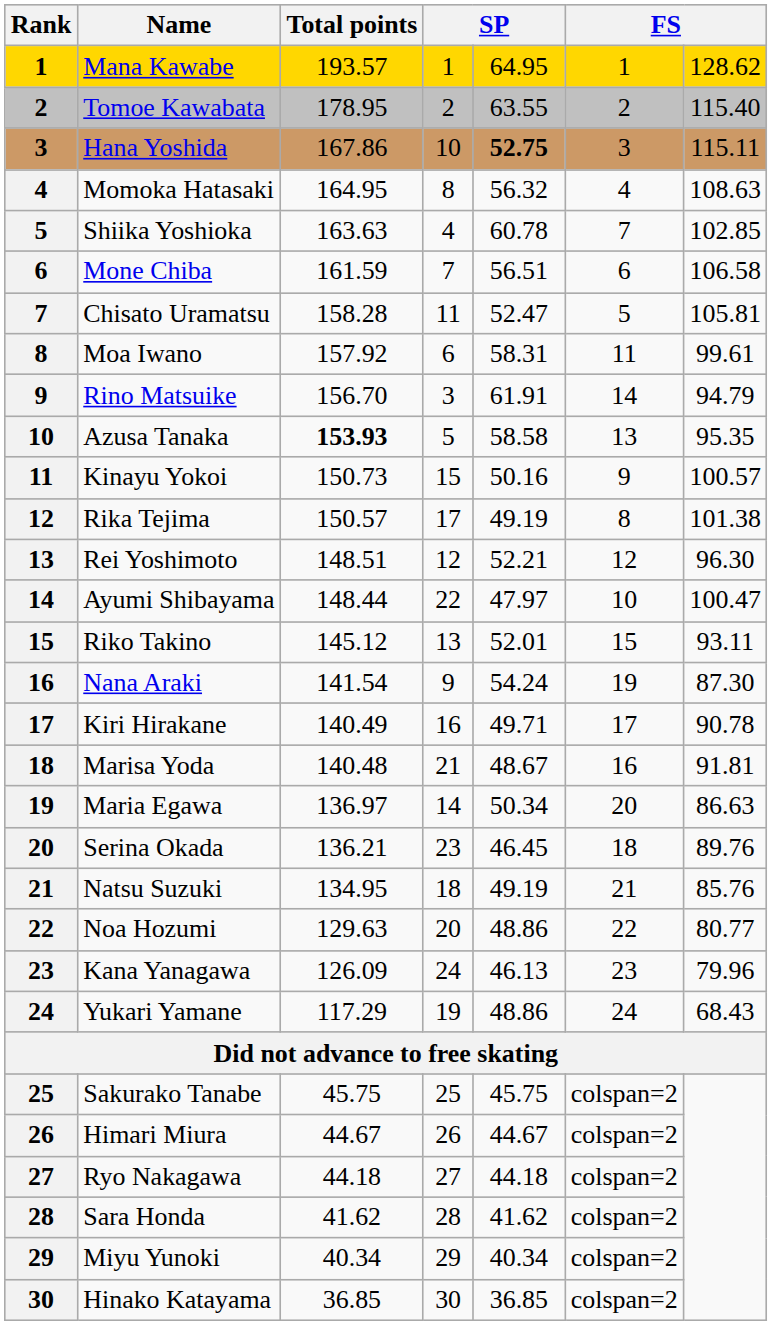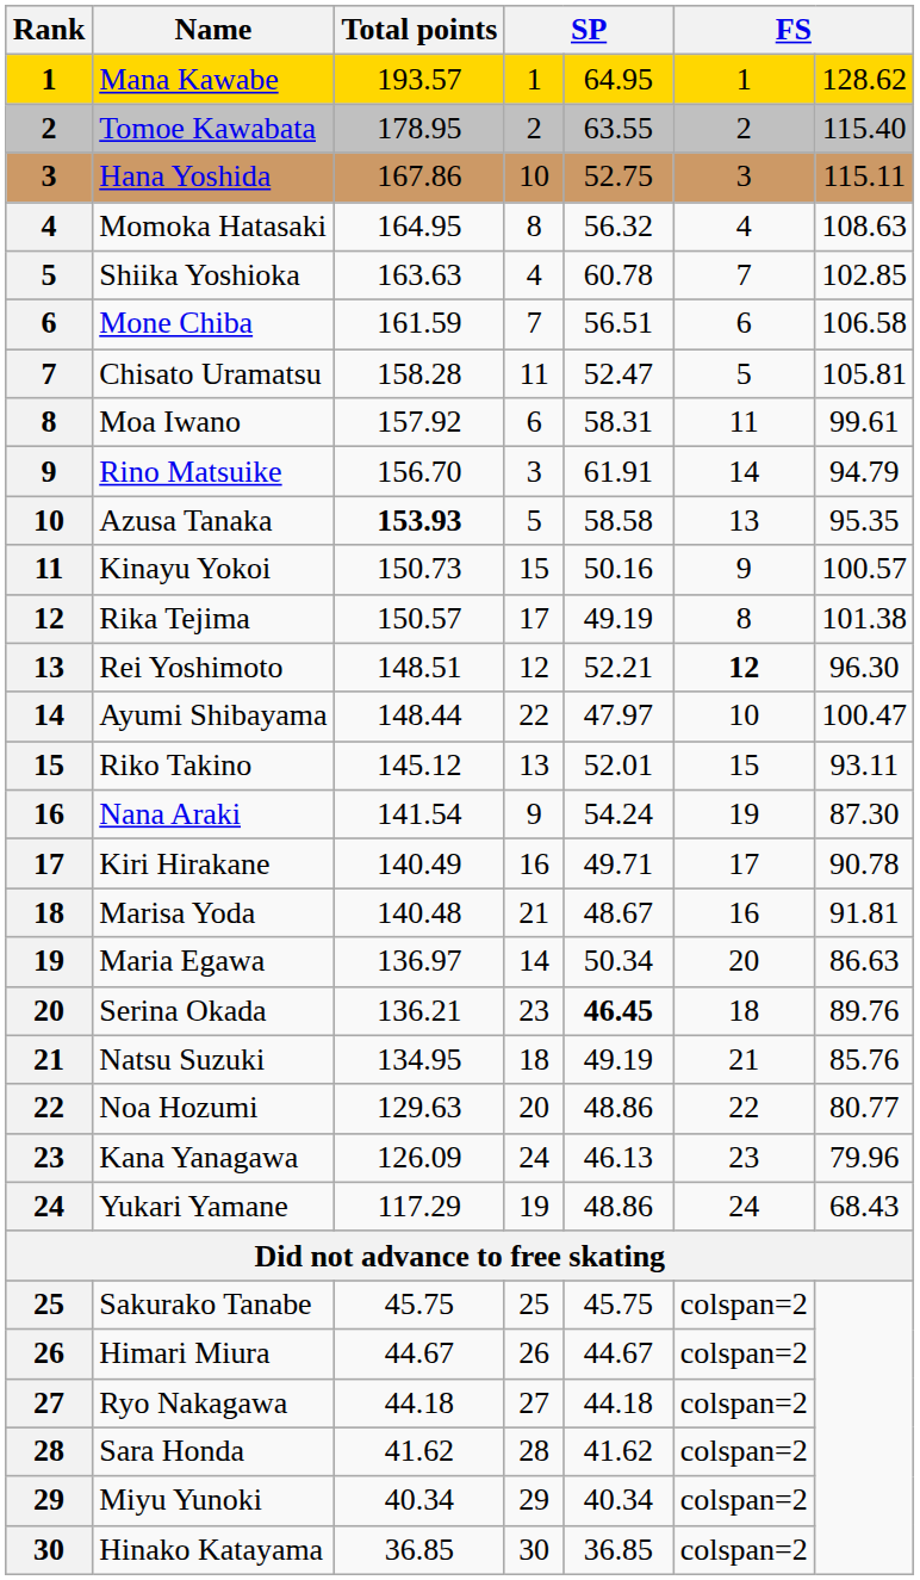 <table class="wikitable sortable">
 <tr>
 <th>Rank</th>
 <th>Name</th>
 <th>Total points</th>
 <th colspan="2" width="80px"><a href='#'>SP</a></th>
 <th colspan="2" width="80px"><a href='#'>FS</a></th>
 </tr>
 <tr bgcolor="gold">
 <td align="center"><strong>1</strong></td>
 <td><a href='#'>Mana Kawabe</a></td>
 <td align="center">193.57</td>
 <td align="center">1</td>
 <td align="center">64.95</td>
 <td align="center">1</td>
 <td align="center">128.62</td>
 </tr>
 <tr bgcolor="silver">
 <td align="center"><strong>2</strong></td>
 <td><a href='#'>Tomoe Kawabata</a></td>
 <td align="center">178.95</td>
 <td align="center">2</td>
 <td align="center">63.55</td>
 <td align="center">2</td>
 <td align="center">115.40</td>
 </tr>
 <tr bgcolor="cc9966">
 <td align="center"><strong>3</strong></td>
 <td><a href='#'>Hana Yoshida</a></td>
 <td align="center">167.86</td>
 <td align="center">10</td>
-<td align="center"><strong>52.75</strong></td>
+<td align="center">52.75</td>
 <td align="center">3</td>
 <td align="center">115.11</td>
 </tr>
 <tr>
 <th>4</th>
 <td>Momoka Hatasaki</td>
 <td align="center">164.95</td>
 <td align="center">8</td>
 <td align="center">56.32</td>
 <td align="center">4</td>
 <td align="center">108.63</td>
 </tr>
 <tr>
 <th>5</th>
 <td>Shiika Yoshioka</td>
 <td align="center">163.63</td>
 <td align="center">4</td>
 <td align="center">60.78</td>
 <td align="center">7</td>
 <td align="center">102.85</td>
 </tr>
 <tr>
 <th>6</th>
 <td><a href='#'>Mone Chiba</a></td>
 <td align="center">161.59</td>
 <td align="center">7</td>
 <td align="center">56.51</td>
 <td align="center">6</td>
 <td align="center">106.58</td>
 </tr>
 <tr>
 <th>7</th>
 <td>Chisato Uramatsu</td>
 <td align="center">158.28</td>
 <td align="center">11</td>
 <td align="center">52.47</td>
 <td align="center">5</td>
 <td align="center">105.81</td>
 </tr>
 <tr>
 <th>8</th>
 <td>Moa Iwano</td>
 <td align="center">157.92</td>
 <td align="center">6</td>
 <td align="center">58.31</td>
 <td align="center">11</td>
 <td align="center">99.61</td>
 </tr>
 <tr>
 <th>9</th>
 <td><a href='#'>Rino Matsuike</a></td>
 <td align="center">156.70</td>
 <td align="center">3</td>
 <td align="center">61.91</td>
 <td align="center">14</td>
 <td align="center">94.79</td>
 </tr>
 <tr>
 <th>10</th>
 <td>Azusa Tanaka</td>
 <td align="center"><strong>153.93</strong></td>
 <td align="center">5</td>
 <td align="center">58.58</td>
 <td align="center">13</td>
 <td align="center">95.35</td>
 </tr>
 <tr>
 <th>11</th>
 <td>Kinayu Yokoi</td>
 <td align="center">150.73</td>
 <td align="center">15</td>
 <td align="center">50.16</td>
 <td align="center">9</td>
 <td align="center">100.57</td>
 </tr>
 <tr>
 <th>12</th>
 <td>Rika Tejima</td>
 <td align="center">150.57</td>
 <td align="center">17</td>
 <td align="center">49.19</td>
 <td align="center">8</td>
 <td align="center">101.38</td>
 </tr>
 <tr>
 <th>13</th>
 <td>Rei Yoshimoto</td>
 <td align="center">148.51</td>
 <td align="center">12</td>
 <td align="center">52.21</td>
-<td align="center">12</td>
+<td align="center"><strong>12</strong></td>
 <td align="center">96.30</td>
 </tr>
 <tr>
 <th>14</th>
 <td>Ayumi Shibayama</td>
 <td align="center">148.44</td>
 <td align="center">22</td>
 <td align="center">47.97</td>
 <td align="center">10</td>
 <td align="center">100.47</td>
 </tr>
 <tr>
 <th>15</th>
 <td>Riko Takino</td>
 <td align="center">145.12</td>
 <td align="center">13</td>
 <td align="center">52.01</td>
 <td align="center">15</td>
 <td align="center">93.11</td>
 </tr>
 <tr>
 <th>16</th>
 <td><a href='#'>Nana Araki</a></td>
 <td align="center">141.54</td>
 <td align="center">9</td>
 <td align="center">54.24</td>
 <td align="center">19</td>
 <td align="center">87.30</td>
 </tr>
 <tr>
 <th>17</th>
 <td>Kiri Hirakane</td>
 <td align="center">140.49</td>
 <td align="center">16</td>
 <td align="center">49.71</td>
 <td align="center">17</td>
 <td align="center">90.78</td>
 </tr>
 <tr>
 <th>18</th>
 <td>Marisa Yoda</td>
 <td align="center">140.48</td>
 <td align="center">21</td>
 <td align="center">48.67</td>
 <td align="center">16</td>
 <td align="center">91.81</td>
 </tr>
 <tr>
 <th>19</th>
 <td>Maria Egawa</td>
 <td align=center>136.97</td>
 <td align=center>14</td>
 <td align=center>50.34</td>
 <td align=center>20</td>
 <td align=center>86.63</td>
 </tr>
 <tr>
 <th>20</th>
 <td>Serina Okada</td>
 <td align="center">136.21</td>
 <td align="center">23</td>
-<td align="center">46.45</td>
+<td align="center"><strong>46.45</strong></td>
 <td align="center">18</td>
 <td align="center">89.76</td>
 </tr>
 <tr>
 <th>21</th>
 <td>Natsu Suzuki</td>
 <td align="center">134.95</td>
 <td align="center">18</td>
 <td align="center">49.19</td>
 <td align="center">21</td>
 <td align="center">85.76</td>
 </tr>
 <tr>
 <th>22</th>
 <td>Noa Hozumi</td>
 <td align="center">129.63</td>
 <td align="center">20</td>
 <td align="center">48.86</td>
 <td align="center">22</td>
 <td align="center">80.77</td>
 </tr>
 <tr>
 <th>23</th>
 <td>Kana Yanagawa</td>
 <td align="center">126.09</td>
 <td align="center">24</td>
 <td align="center">46.13</td>
 <td align="center">23</td>
 <td align="center">79.96</td>
 </tr>
 <tr>
 <th>24</th>
 <td>Yukari Yamane</td>
 <td align="center">117.29</td>
 <td align="center">19</td>
 <td align="center">48.86</td>
 <td align="center">24</td>
 <td align="center">68.43</td>
 </tr>
 <tr>
 <th colspan=7>Did not advance to free skating</th>
 </tr>
 <tr>
 <th>25</th>
 <td>Sakurako Tanabe</td>
 <td align=center>45.75</td>
 <td align=center>25</td>
 <td align=center>45.75</td>
 <td>colspan=2 </td>
 </tr>
 <tr>
 <th>26</th>
 <td>Himari Miura</td>
 <td align=center>44.67</td>
 <td align=center>26</td>
 <td align=center>44.67</td>
 <td>colspan=2 </td>
 </tr>
 <tr>
 <th>27</th>
 <td>Ryo Nakagawa</td>
 <td align=center>44.18</td>
 <td align=center>27</td>
 <td align=center>44.18</td>
 <td>colspan=2 </td>
 </tr>
 <tr>
 <th>28</th>
 <td>Sara Honda</td>
 <td align=center>41.62</td>
 <td align=center>28</td>
 <td align=center>41.62</td>
 <td>colspan=2 </td>
 </tr>
 <tr>
 <th>29</th>
 <td>Miyu Yunoki</td>
 <td align=center>40.34</td>
 <td align=center>29</td>
 <td align=center>40.34</td>
 <td>colspan=2 </td>
 </tr>
 <tr>
 <th>30</th>
 <td>Hinako Katayama</td>
 <td align=center>36.85</td>
 <td align=center>30</td>
 <td align=center>36.85</td>
 <td>colspan=2 </td>
 </tr>
 </table>
